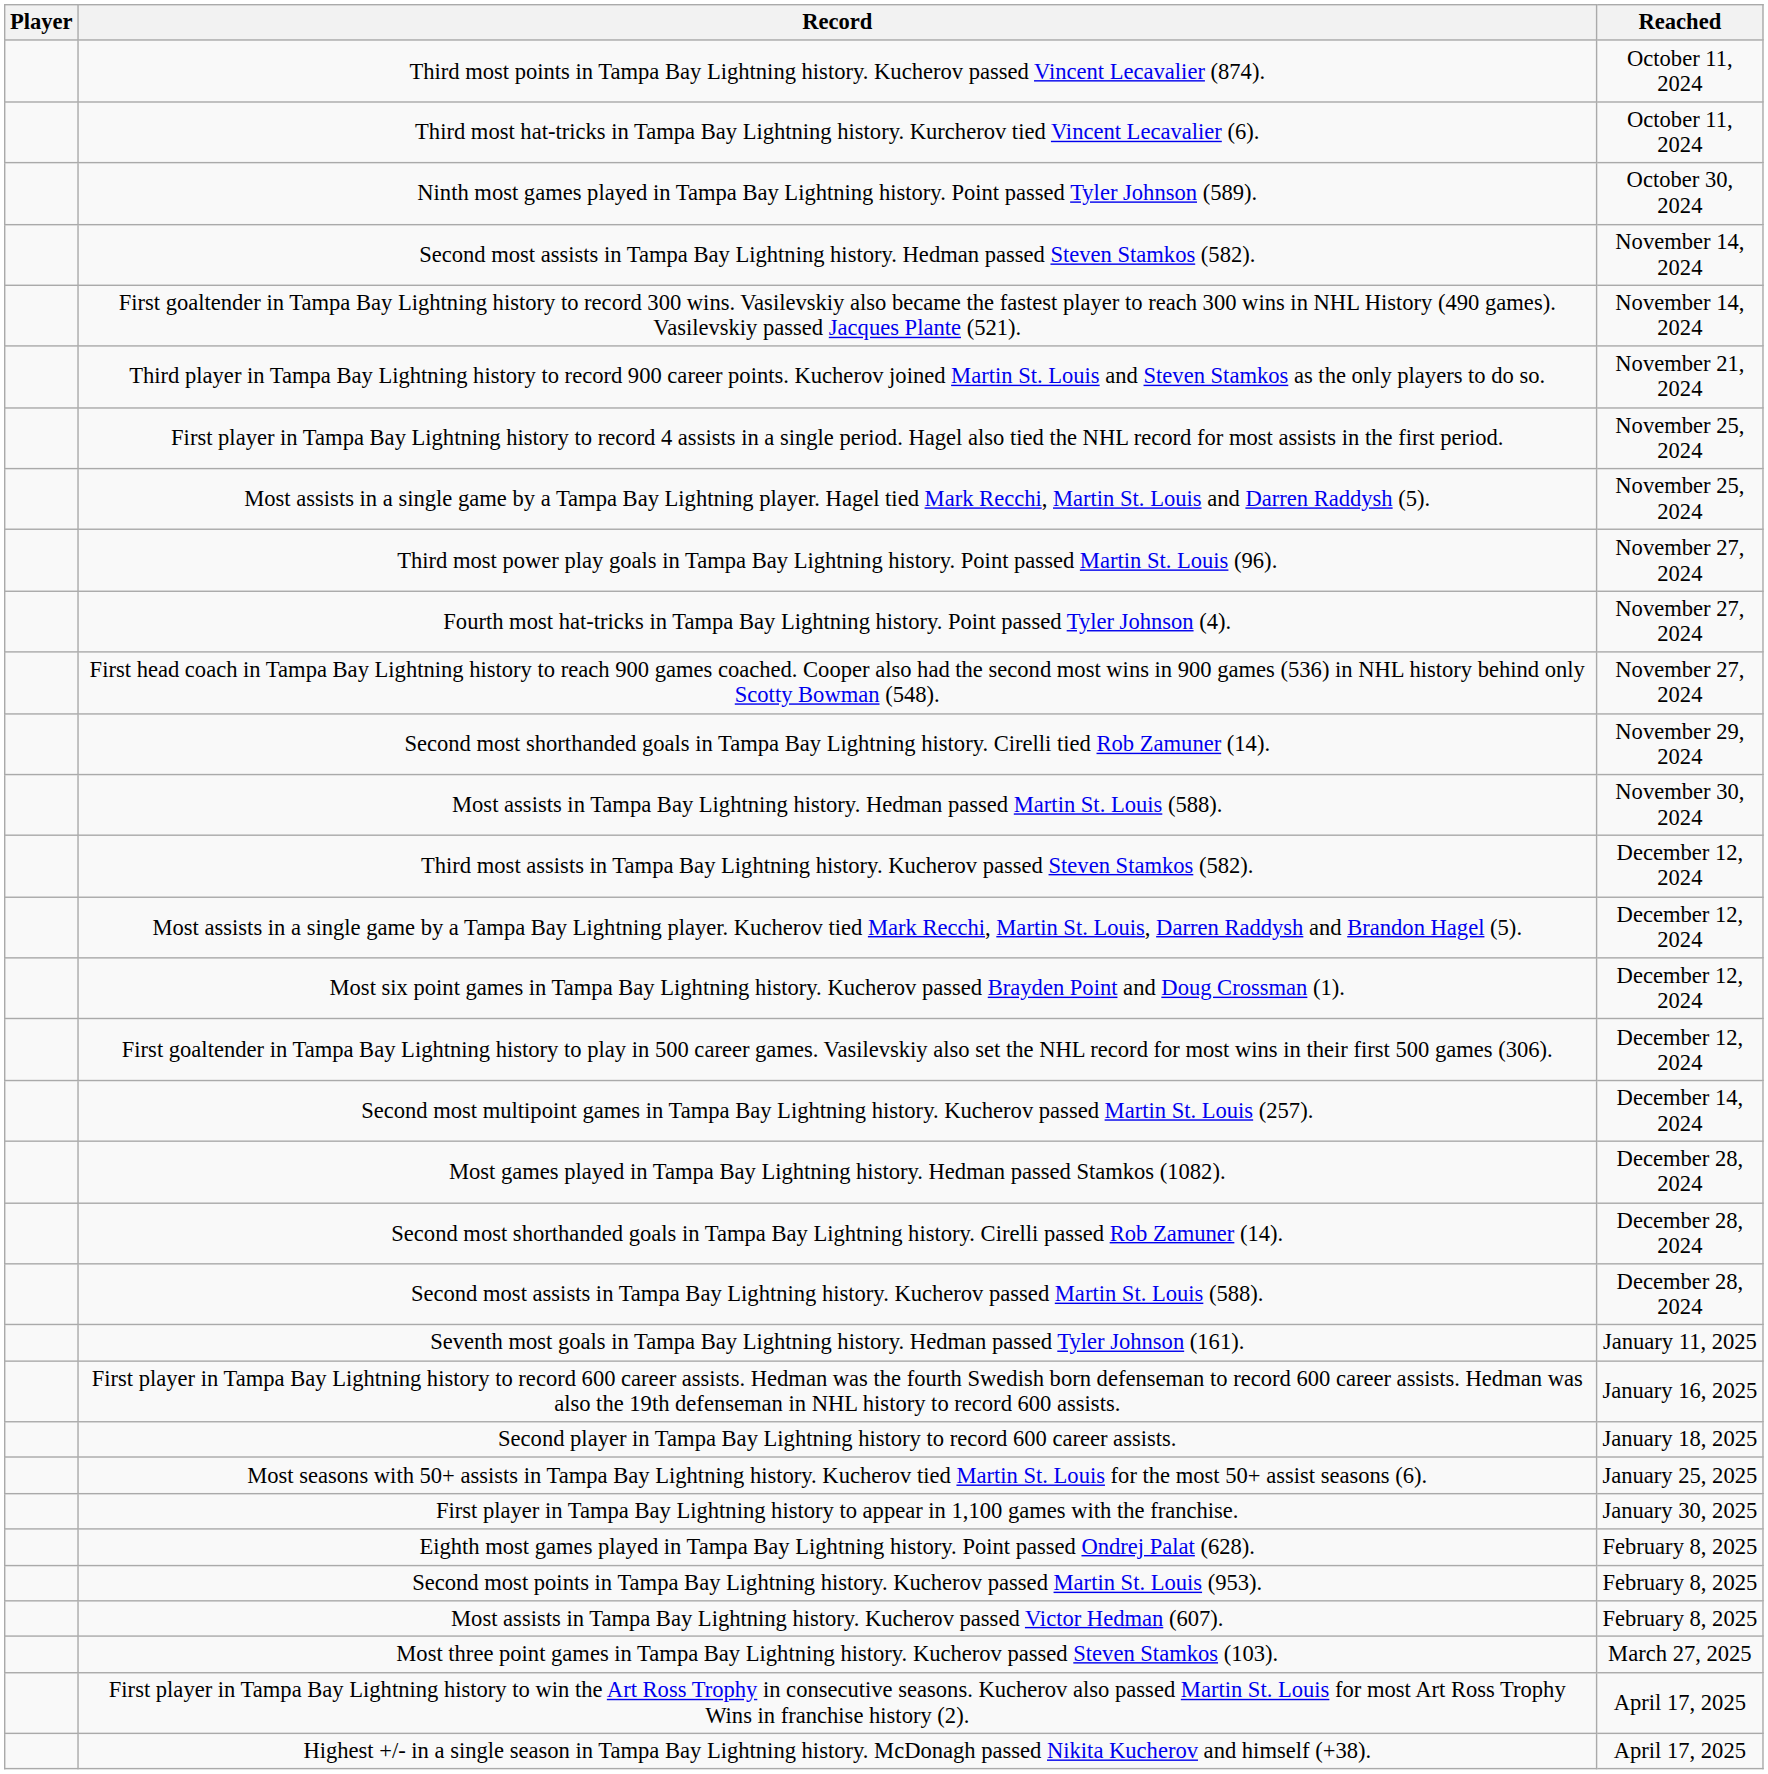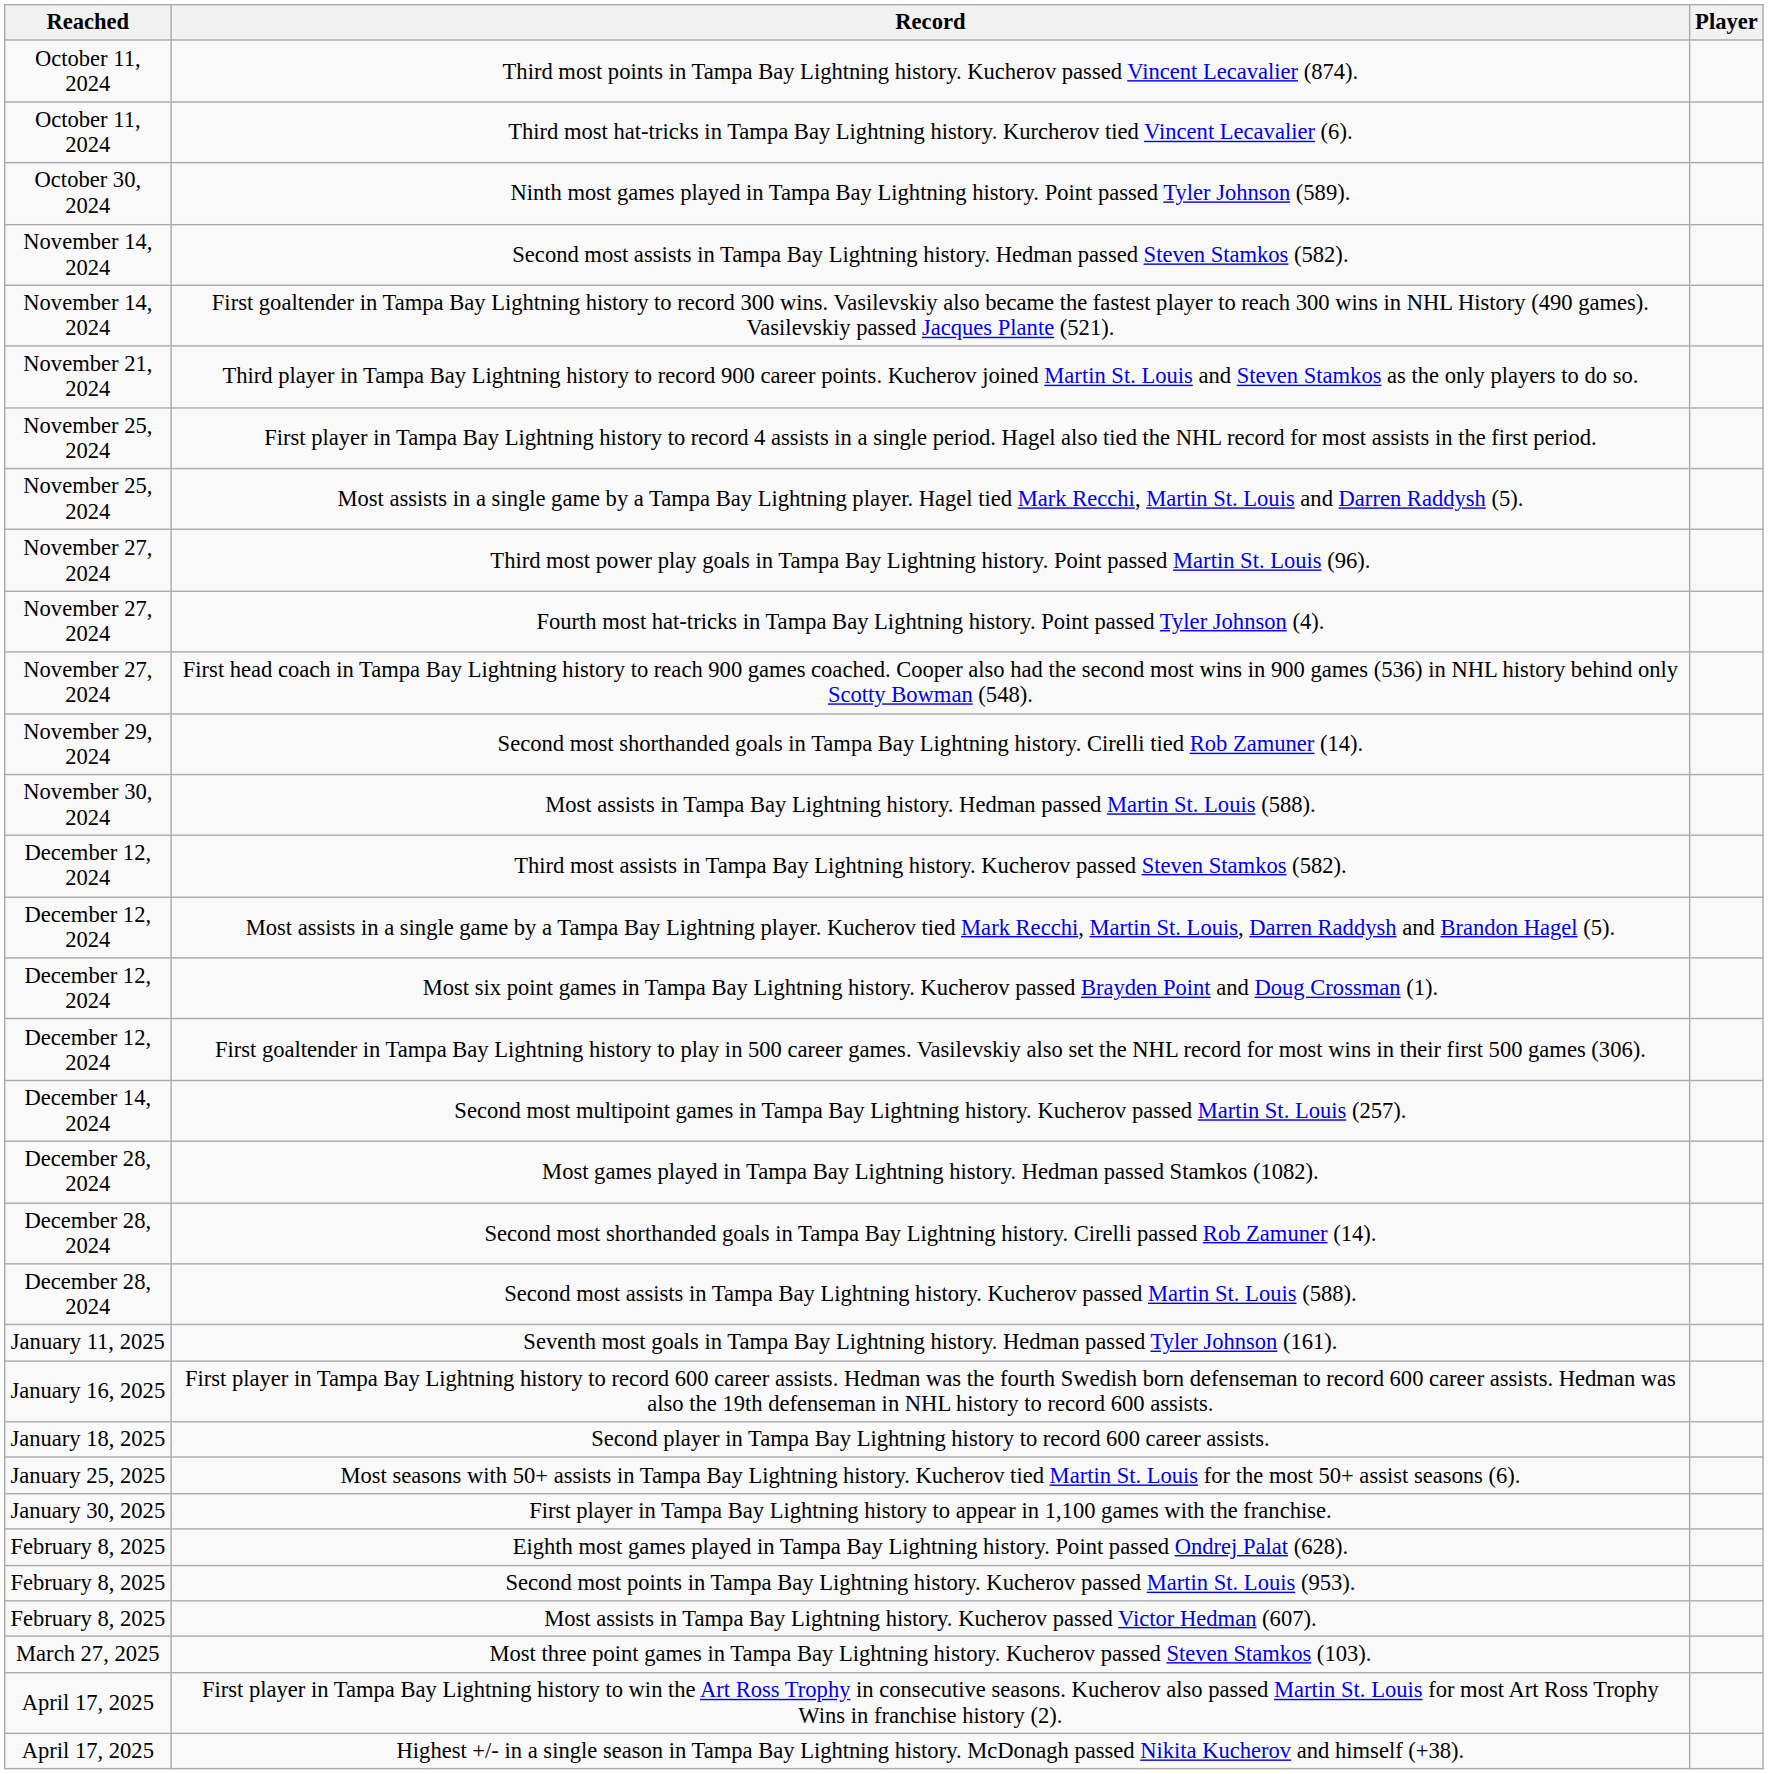 <table class="wikitable sortable" style="text-align:center;">
 <tr>
+<th>Reached</th>
+<th>Record</th>
 <th>Player</th>
-<th>Record</th>
-<th>Reached</th>
 </tr>
 <tr>
+<td>October 11, 2024</td>
+<td>Third most points in Tampa Bay Lightning history. Kucherov passed <a href='#'>Vincent Lecavalier</a> (874).</td>
 <td></td>
-<td>Third most points in Tampa Bay Lightning history. Kucherov passed <a href='#'>Vincent Lecavalier</a> (874).</td>
-<td>October 11, 2024</td>
 </tr>
 <tr>
+<td>October 11, 2024</td>
+<td>Third most hat-tricks in Tampa Bay Lightning history. Kurcherov tied <a href='#'>Vincent Lecavalier</a> (6).</td>
 <td></td>
-<td>Third most hat-tricks in Tampa Bay Lightning history. Kurcherov tied <a href='#'>Vincent Lecavalier</a> (6).</td>
-<td>October 11, 2024</td>
 </tr>
 <tr>
+<td>October 30, 2024</td>
+<td>Ninth most games played in Tampa Bay Lightning history. Point passed <a href='#'>Tyler Johnson</a> (589).</td>
 <td></td>
-<td>Ninth most games played in Tampa Bay Lightning history. Point passed <a href='#'>Tyler Johnson</a> (589).</td>
-<td>October 30, 2024</td>
 </tr>
 <tr>
+<td>November 14, 2024</td>
+<td>Second most assists in Tampa Bay Lightning history. Hedman passed <a href='#'>Steven Stamkos</a> (582).</td>
 <td></td>
-<td>Second most assists in Tampa Bay Lightning history. Hedman passed <a href='#'>Steven Stamkos</a> (582).</td>
-<td>November 14, 2024</td>
 </tr>
 <tr>
+<td>November 14, 2024</td>
+<td>First goaltender in Tampa Bay Lightning history to record 300 wins. Vasilevskiy also became the fastest player to reach 300 wins in NHL History (490 games). Vasilevskiy passed <a href='#'>Jacques Plante</a> (521).</td>
 <td></td>
-<td>First goaltender in Tampa Bay Lightning history to record 300 wins. Vasilevskiy also became the fastest player to reach 300 wins in NHL History (490 games). Vasilevskiy passed <a href='#'>Jacques Plante</a> (521).</td>
-<td>November 14, 2024</td>
 </tr>
 <tr>
+<td>November 21, 2024</td>
+<td>Third player in Tampa Bay Lightning history to record 900 career points. Kucherov joined <a href='#'>Martin St. Louis</a> and <a href='#'>Steven Stamkos</a> as the only players to do so.</td>
 <td></td>
-<td>Third player in Tampa Bay Lightning history to record 900 career points. Kucherov joined <a href='#'>Martin St. Louis</a> and <a href='#'>Steven Stamkos</a> as the only players to do so.</td>
-<td>November 21, 2024</td>
 </tr>
 <tr>
+<td>November 25, 2024</td>
+<td>First player in Tampa Bay Lightning history to record 4 assists in a single period. Hagel also tied the NHL record for most assists in the first period.</td>
 <td></td>
-<td>First player in Tampa Bay Lightning history to record 4 assists in a single period. Hagel also tied the NHL record for most assists in the first period.</td>
-<td>November 25, 2024</td>
 </tr>
 <tr>
+<td>November 25, 2024</td>
+<td>Most assists in a single game by a Tampa Bay Lightning player. Hagel tied <a href='#'>Mark Recchi</a>, <a href='#'>Martin St. Louis</a> and <a href='#'>Darren Raddysh</a> (5).</td>
 <td></td>
-<td>Most assists in a single game by a Tampa Bay Lightning player. Hagel tied <a href='#'>Mark Recchi</a>, <a href='#'>Martin St. Louis</a> and <a href='#'>Darren Raddysh</a> (5).</td>
-<td>November 25, 2024</td>
 </tr>
 <tr>
+<td>November 27, 2024</td>
+<td>Third most power play goals in Tampa Bay Lightning history. Point passed <a href='#'>Martin St. Louis</a> (96).</td>
 <td></td>
-<td>Third most power play goals in Tampa Bay Lightning history. Point passed <a href='#'>Martin St. Louis</a> (96).</td>
-<td>November 27, 2024</td>
 </tr>
 <tr>
+<td>November 27, 2024</td>
+<td>Fourth most hat-tricks in Tampa Bay Lightning history. Point passed <a href='#'>Tyler Johnson</a> (4).</td>
 <td></td>
-<td>Fourth most hat-tricks in Tampa Bay Lightning history. Point passed <a href='#'>Tyler Johnson</a> (4).</td>
-<td>November 27, 2024</td>
 </tr>
 <tr>
+<td>November 27, 2024</td>
+<td>First head coach in Tampa Bay Lightning history to reach 900 games coached. Cooper also had the second most wins in 900 games (536)  in NHL history behind only <a href='#'>Scotty Bowman</a> (548).</td>
 <td></td>
-<td>First head coach in Tampa Bay Lightning history to reach 900 games coached. Cooper also had the second most wins in 900 games (536)  in NHL history behind only <a href='#'>Scotty Bowman</a> (548).</td>
-<td>November 27, 2024</td>
 </tr>
 <tr>
+<td>November 29, 2024</td>
+<td>Second most shorthanded goals in Tampa Bay Lightning history. Cirelli tied <a href='#'>Rob Zamuner</a> (14).</td>
 <td></td>
-<td>Second most shorthanded goals in Tampa Bay Lightning history. Cirelli tied <a href='#'>Rob Zamuner</a> (14).</td>
-<td>November 29, 2024</td>
 </tr>
 <tr>
+<td>November 30, 2024</td>
+<td>Most assists in Tampa Bay Lightning history. Hedman passed <a href='#'>Martin St. Louis</a> (588).</td>
 <td></td>
-<td>Most assists in Tampa Bay Lightning history. Hedman passed <a href='#'>Martin St. Louis</a> (588).</td>
-<td>November 30, 2024</td>
 </tr>
 <tr>
+<td>December 12, 2024</td>
+<td>Third most assists in Tampa Bay Lightning history. Kucherov passed <a href='#'>Steven Stamkos</a> (582).</td>
 <td></td>
-<td>Third most assists in Tampa Bay Lightning history. Kucherov passed <a href='#'>Steven Stamkos</a> (582).</td>
-<td>December 12, 2024</td>
 </tr>
 <tr>
+<td>December 12, 2024</td>
+<td>Most assists in a single game by a Tampa Bay Lightning player. Kucherov tied <a href='#'>Mark Recchi</a>, <a href='#'>Martin St. Louis</a>, <a href='#'>Darren Raddysh</a> and <a href='#'>Brandon Hagel</a> (5).</td>
 <td></td>
-<td>Most assists in a single game by a Tampa Bay Lightning player. Kucherov tied <a href='#'>Mark Recchi</a>, <a href='#'>Martin St. Louis</a>, <a href='#'>Darren Raddysh</a> and <a href='#'>Brandon Hagel</a> (5).</td>
-<td>December 12, 2024</td>
 </tr>
 <tr>
+<td>December 12, 2024</td>
+<td>Most six point games in Tampa Bay Lightning history. Kucherov passed <a href='#'>Brayden Point</a> and <a href='#'>Doug Crossman</a> (1).</td>
 <td></td>
-<td>Most six point games in Tampa Bay Lightning history. Kucherov passed <a href='#'>Brayden Point</a> and <a href='#'>Doug Crossman</a> (1).</td>
-<td>December 12, 2024</td>
 </tr>
 <tr>
+<td>December 12, 2024</td>
+<td>First goaltender in Tampa Bay Lightning history to play in 500 career games. Vasilevskiy also set the NHL record for most wins in their first 500 games (306).</td>
 <td></td>
-<td>First goaltender in Tampa Bay Lightning history to play in 500 career games. Vasilevskiy also set the NHL record for most wins in their first 500 games (306).</td>
-<td>December 12, 2024</td>
 </tr>
 <tr>
+<td>December 14, 2024</td>
+<td>Second most multipoint games in Tampa Bay Lightning history. Kucherov passed <a href='#'>Martin St. Louis</a> (257).</td>
 <td></td>
-<td>Second most multipoint games in Tampa Bay Lightning history. Kucherov passed <a href='#'>Martin St. Louis</a> (257).</td>
-<td>December 14, 2024</td>
 </tr>
 <tr>
+<td>December 28, 2024</td>
+<td>Most games played in Tampa Bay Lightning history. Hedman passed Stamkos (1082).</td>
 <td></td>
-<td>Most games played in Tampa Bay Lightning history. Hedman passed Stamkos (1082).</td>
-<td>December 28, 2024</td>
 </tr>
 <tr>
+<td>December 28, 2024</td>
+<td>Second most shorthanded goals in Tampa Bay Lightning history. Cirelli passed <a href='#'>Rob Zamuner</a> (14).</td>
 <td></td>
-<td>Second most shorthanded goals in Tampa Bay Lightning history. Cirelli passed <a href='#'>Rob Zamuner</a> (14).</td>
-<td>December 28, 2024</td>
 </tr>
 <tr>
+<td>December 28, 2024</td>
+<td>Second most assists in Tampa Bay Lightning history. Kucherov passed <a href='#'>Martin St. Louis</a> (588).</td>
 <td></td>
-<td>Second most assists in Tampa Bay Lightning history. Kucherov passed <a href='#'>Martin St. Louis</a> (588).</td>
-<td>December 28, 2024</td>
 </tr>
 <tr>
+<td>January 11, 2025</td>
+<td>Seventh most goals in Tampa Bay Lightning history. Hedman passed <a href='#'>Tyler Johnson</a> (161).</td>
 <td></td>
-<td>Seventh most goals in Tampa Bay Lightning history. Hedman passed <a href='#'>Tyler Johnson</a> (161).</td>
-<td>January 11, 2025</td>
 </tr>
 <tr>
+<td>January 16, 2025</td>
+<td>First player in Tampa Bay Lightning history to record 600 career assists. Hedman was the fourth Swedish born defenseman to record 600 career assists. Hedman was also the 19th defenseman in NHL history to record 600 assists.</td>
 <td></td>
-<td>First player in Tampa Bay Lightning history to record 600 career assists. Hedman was the fourth Swedish born defenseman to record 600 career assists. Hedman was also the 19th defenseman in NHL history to record 600 assists.</td>
-<td>January 16, 2025</td>
 </tr>
 <tr>
+<td>January 18, 2025</td>
+<td>Second player in Tampa Bay Lightning history to record 600 career assists.</td>
 <td></td>
-<td>Second player in Tampa Bay Lightning history to record 600 career assists.</td>
-<td>January 18, 2025</td>
 </tr>
 <tr>
+<td>January 25, 2025</td>
+<td>Most seasons with 50+ assists in Tampa Bay Lightning history. Kucherov tied <a href='#'>Martin St. Louis</a> for the most 50+ assist seasons (6).</td>
 <td></td>
-<td>Most seasons with 50+ assists in Tampa Bay Lightning history. Kucherov tied <a href='#'>Martin St. Louis</a> for the most 50+ assist seasons (6).</td>
-<td>January 25, 2025</td>
 </tr>
 <tr>
+<td>January 30, 2025</td>
+<td>First player in Tampa Bay Lightning history to appear in 1,100 games with the franchise.</td>
 <td></td>
-<td>First player in Tampa Bay Lightning history to appear in 1,100 games with the franchise.</td>
-<td>January 30, 2025</td>
 </tr>
 <tr>
+<td>February 8, 2025</td>
+<td>Eighth most games played in Tampa Bay Lightning history. Point passed <a href='#'>Ondrej Palat</a> (628).</td>
 <td></td>
-<td>Eighth most games played in Tampa Bay Lightning history. Point passed <a href='#'>Ondrej Palat</a> (628).</td>
-<td>February 8, 2025</td>
 </tr>
 <tr>
+<td>February 8, 2025</td>
+<td>Second most points in Tampa Bay Lightning history. Kucherov passed <a href='#'>Martin St. Louis</a> (953).</td>
 <td></td>
-<td>Second most points in Tampa Bay Lightning history. Kucherov passed <a href='#'>Martin St. Louis</a> (953).</td>
-<td>February 8, 2025</td>
 </tr>
 <tr>
+<td>February 8, 2025</td>
+<td>Most assists in Tampa Bay Lightning history. Kucherov passed <a href='#'>Victor Hedman</a> (607).</td>
 <td></td>
-<td>Most assists in Tampa Bay Lightning history. Kucherov passed <a href='#'>Victor Hedman</a> (607).</td>
-<td>February 8, 2025</td>
 </tr>
 <tr>
+<td>March 27, 2025</td>
+<td>Most three point games in Tampa Bay Lightning history. Kucherov passed <a href='#'>Steven Stamkos</a> (103).</td>
 <td></td>
-<td>Most three point games in Tampa Bay Lightning history. Kucherov passed <a href='#'>Steven Stamkos</a> (103).</td>
-<td>March 27, 2025</td>
 </tr>
 <tr>
+<td>April 17, 2025</td>
+<td>First player in Tampa Bay Lightning history to win the <a href='#'>Art Ross Trophy</a> in consecutive seasons. Kucherov also passed <a href='#'>Martin St. Louis</a> for most Art Ross Trophy Wins in franchise history (2).</td>
 <td></td>
-<td>First player in Tampa Bay Lightning history to win the <a href='#'>Art Ross Trophy</a> in consecutive seasons. Kucherov also passed <a href='#'>Martin St. Louis</a> for most Art Ross Trophy Wins in franchise history (2).</td>
-<td>April 17, 2025</td>
 </tr>
 <tr>
+<td>April 17, 2025</td>
+<td>Highest +/- in a single season in Tampa Bay Lightning history. McDonagh passed <a href='#'>Nikita Kucherov</a> and himself (+38).</td>
 <td></td>
-<td>Highest +/- in a single season in Tampa Bay Lightning history. McDonagh passed <a href='#'>Nikita Kucherov</a> and himself (+38).</td>
-<td>April 17, 2025</td>
 </tr>
 </table>
